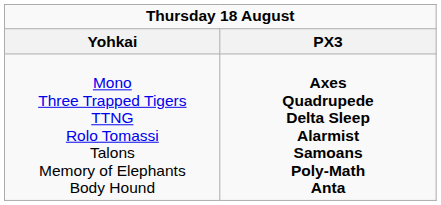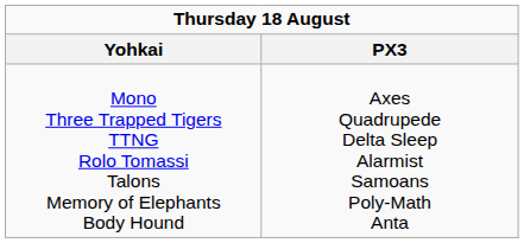 <table class="wikitable">
 <tr>
 <td colspan="4" style="text-align:center;"><strong>Thursday 18 August</strong></td>
 </tr>
 <tr>
 <th>Yohkai</th>
 <th>PX3</th>
 </tr>
 <tr>
 <td style="text-align:center; vertical-align:top; width:215px;"><br><a href='#'>Mono</a><br> <a href='#'>Three Trapped Tigers</a><br> <a href='#'>TTNG</a><br> <a href='#'>Rolo Tomassi</a><br> Talons<br> Memory of Elephants<br> Body Hound<br></td>
-<td style="text-align:center; vertical-align:top; width:215px;"><strong><br>Axes<br> Quadrupede<br> Delta Sleep<br> Alarmist<br> Samoans<br> Poly-Math<br> Anta<br></strong></td>
+<td style="text-align:center; vertical-align:top; width:215px;"><br>Axes<br> Quadrupede<br> Delta Sleep<br> Alarmist<br> Samoans<br> Poly-Math<br> Anta<br></td>
 </tr>
 </table>
